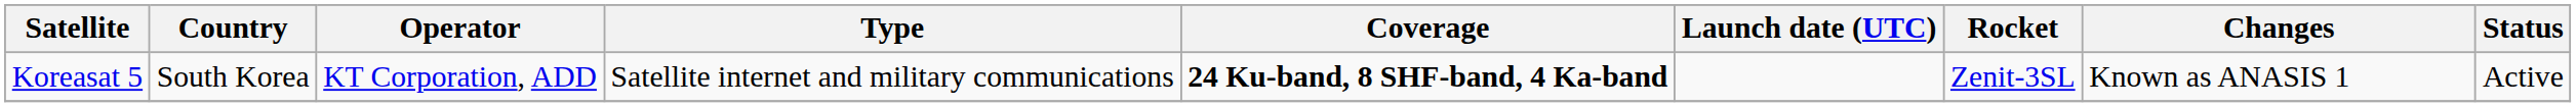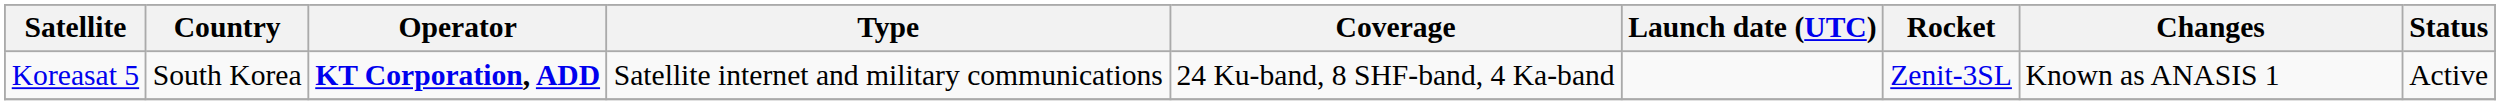 <table class="wikitable sortable" border="1"}>
 <tr>
 <th>Satellite</th>
 <th>Country</th>
 <th>Operator</th>
 <th>Type</th>
 <th>Coverage </th>
 <th>Launch date (<a href='#'>UTC</a>) </th>
 <th>Rocket</th>
 <th width="200pt">Changes</th>
 <th>Status </th>
 </tr>
 <tr>
 <td><a href='#'>Koreasat 5</a></td>
 <td>South Korea</td>
-<td><a href='#'>KT Corporation</a>, <a href='#'>ADD</a></td>
+<td><strong><a href='#'>KT Corporation</a>, <a href='#'>ADD</a></strong></td>
 <td>Satellite internet and military communications</td>
-<td><strong>24 Ku-band, 8 SHF-band, 4 Ka-band</strong></td>
+<td>24 Ku-band, 8 SHF-band, 4 Ka-band</td>
 <td></td>
 <td><a href='#'>Zenit-3SL</a></td>
 <td>Known as ANASIS 1</td>
 <td>Active</td>
 </tr>
 <tr>
 </tr>
 </table>
